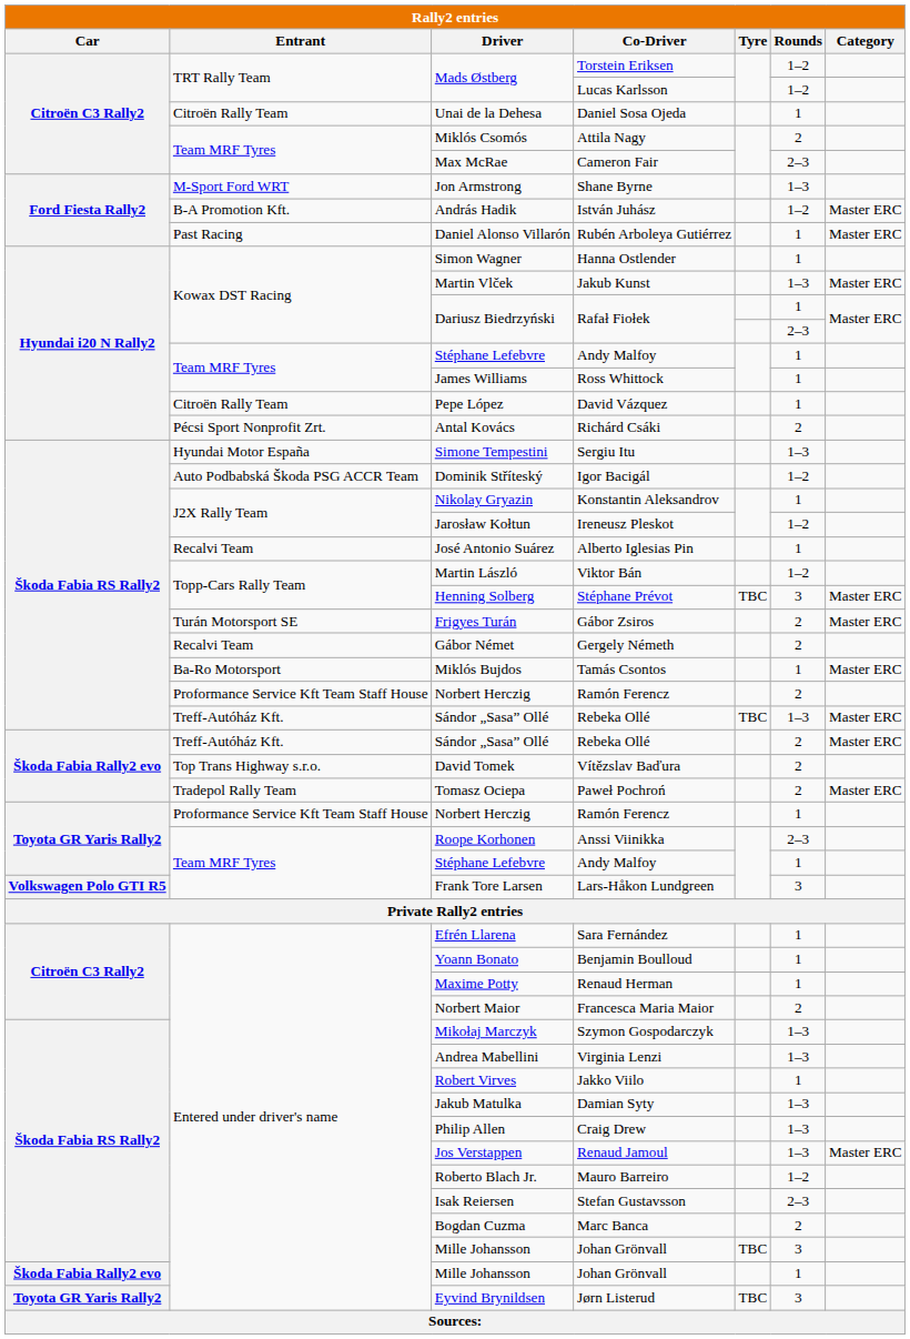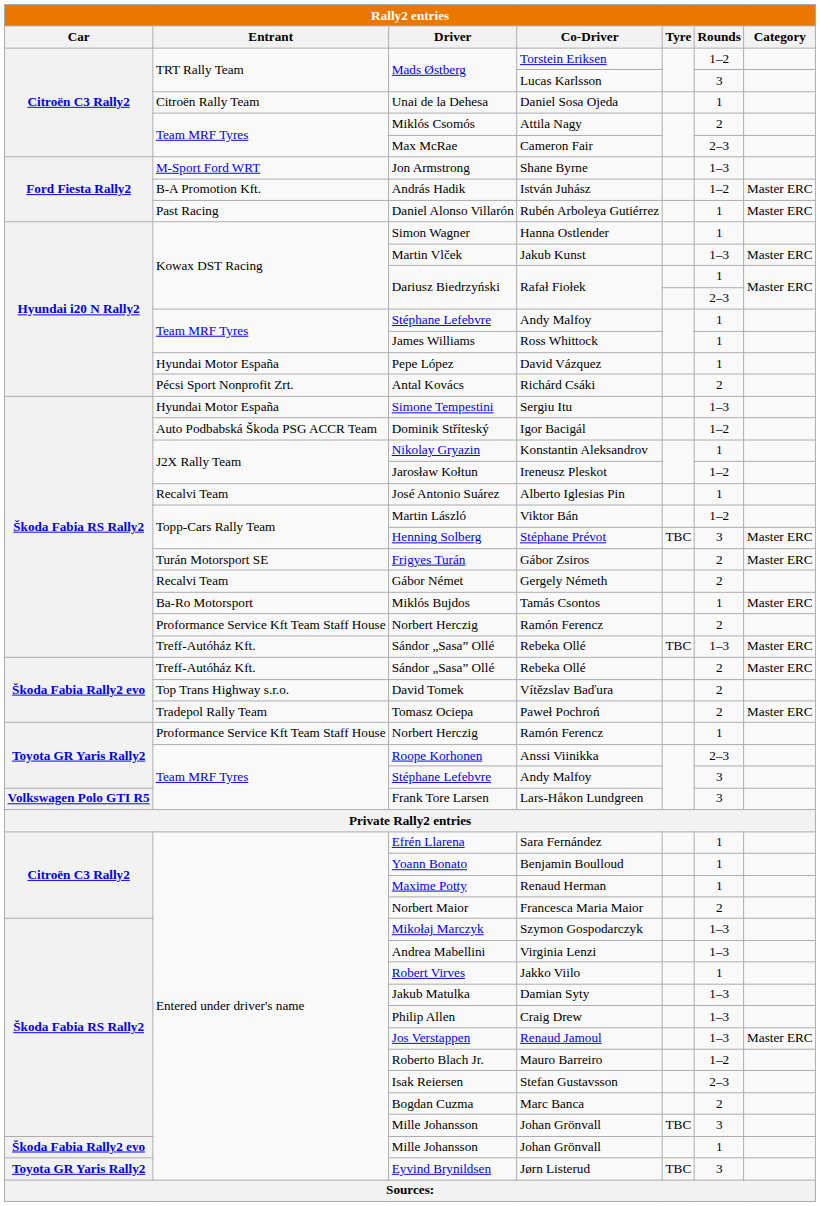 <table class="wikitable" style="font-size: 85%;">
 <tr>
 <th colspan="8" style="color:white; background-color:#eb7700;">Rally2 entries</th>
 </tr>
 <tr>
 <th>Car</th>
 <th>Entrant</th>
 <th>Driver</th>
 <th>Co-Driver</th>
 <th>Tyre</th>
 <th>Rounds</th>
 <th>Category</th>
 </tr>
 <tr>
 <th rowspan="5"><a href='#'>Citroën C3 Rally2</a></th>
 <td rowspan="2"> TRT Rally Team</td>
 <td rowspan="2"> <a href='#'>Mads Østberg</a></td>
 <td> <a href='#'>Torstein Eriksen</a></td>
 <td rowspan="2" align="center"></td>
 <td align="center">1–2</td>
 <td></td>
 </tr>
 <tr>
 <td> Lucas Karlsson</td>
-<td align="center">1–2</td>
+<td align="center">3</td>
 <td></td>
 </tr>
 <tr>
 <td> Citroën Rally Team</td>
 <td> Unai de la Dehesa</td>
 <td> Daniel Sosa Ojeda</td>
 <td align="center"></td>
 <td align="center">1</td>
 <td></td>
 </tr>
 <tr>
 <td rowspan="2"> <a href='#'>Team MRF Tyres</a></td>
 <td> Miklós Csomós</td>
 <td> Attila Nagy</td>
 <td rowspan="2" align="center"></td>
 <td align="center">2</td>
 <td></td>
 </tr>
 <tr>
 <td> Max McRae</td>
 <td> Cameron Fair</td>
 <td align="center">2–3</td>
 <td></td>
 </tr>
 <tr>
 <th rowspan="3"><a href='#'>Ford Fiesta Rally2</a></th>
 <td> <a href='#'>M-Sport Ford WRT</a></td>
 <td> Jon Armstrong</td>
 <td> Shane Byrne</td>
 <td align="center"></td>
 <td align="center">1–3</td>
 <td></td>
 </tr>
 <tr>
 <td> B-A Promotion Kft.</td>
 <td> András Hadik</td>
 <td> István Juhász</td>
 <td align="center"></td>
 <td align="center">1–2</td>
 <td>Master ERC</td>
 </tr>
 <tr>
 <td> Past Racing</td>
 <td> Daniel Alonso Villarón</td>
 <td> Rubén Arboleya Gutiérrez</td>
 <td align="center"></td>
 <td align="center">1</td>
 <td>Master ERC</td>
 </tr>
 <tr>
 <th rowspan="8"><a href='#'>Hyundai i20 N Rally2</a></th>
 <td rowspan="4"> Kowax DST Racing</td>
 <td> Simon Wagner</td>
 <td> Hanna Ostlender</td>
 <td align="center"></td>
 <td align="center">1</td>
 <td></td>
 </tr>
 <tr>
 <td> Martin Vlček</td>
 <td> Jakub Kunst</td>
 <td align="center"></td>
 <td align="center">1–3</td>
 <td>Master ERC</td>
 </tr>
 <tr>
 <td rowspan="2"> Dariusz Biedrzyński</td>
 <td rowspan="2"> Rafał Fiołek</td>
 <td align="center"></td>
 <td align="center">1</td>
 <td rowspan="2">Master ERC</td>
 </tr>
 <tr>
 <td align="center"></td>
 <td align="center">2–3</td>
 </tr>
 <tr>
 <td rowspan="2"> <a href='#'>Team MRF Tyres</a></td>
 <td> <a href='#'>Stéphane Lefebvre</a></td>
 <td> Andy Malfoy</td>
 <td rowspan="2" align="center"></td>
 <td align="center">1</td>
 <td></td>
 </tr>
 <tr>
 <td> James Williams</td>
 <td> Ross Whittock</td>
 <td align="center">1</td>
 <td></td>
 </tr>
 <tr>
-<td> Citroën Rally Team</td>
+<td> Hyundai Motor España</td>
 <td> Pepe López</td>
 <td> David Vázquez</td>
 <td align="center"></td>
 <td align="center">1</td>
 <td></td>
 </tr>
 <tr>
 <td> Pécsi Sport Nonprofit Zrt.</td>
 <td> Antal Kovács</td>
 <td> Richárd Csáki</td>
 <td align="center"></td>
 <td align="center">2</td>
 <td></td>
 </tr>
 <tr>
 <th rowspan="12"><a href='#'>Škoda Fabia RS Rally2</a></th>
 <td> Hyundai Motor España</td>
 <td> <a href='#'>Simone Tempestini</a></td>
 <td> Sergiu Itu</td>
 <td align="center"></td>
 <td align="center">1–3</td>
 <td></td>
 </tr>
 <tr>
 <td> Auto Podbabská Škoda PSG ACCR Team</td>
 <td> Dominik Stříteský</td>
 <td> Igor Bacigál</td>
 <td align="center"></td>
 <td align="center">1–2</td>
 <td></td>
 </tr>
 <tr>
 <td rowspan="2"> J2X Rally Team</td>
 <td> <a href='#'>Nikolay Gryazin</a></td>
 <td> Konstantin Aleksandrov</td>
 <td rowspan="2" align="center"></td>
 <td align="center">1</td>
 <td></td>
 </tr>
 <tr>
 <td> Jarosław Kołtun</td>
 <td> Ireneusz Pleskot</td>
 <td align="center">1–2</td>
 <td></td>
 </tr>
 <tr>
 <td> Recalvi Team</td>
 <td> José Antonio Suárez</td>
 <td> Alberto Iglesias Pin</td>
 <td align="center"></td>
 <td align="center">1</td>
 <td></td>
 </tr>
 <tr>
 <td rowspan="2"> Topp-Cars Rally Team</td>
 <td> Martin László</td>
 <td> Viktor Bán</td>
 <td align="center"></td>
 <td align="center">1–2</td>
 <td></td>
 </tr>
 <tr>
 <td> <a href='#'>Henning Solberg</a></td>
 <td> <a href='#'>Stéphane Prévot</a></td>
 <td align="center">TBC</td>
 <td align="center">3</td>
 <td>Master ERC</td>
 </tr>
 <tr>
 <td> Turán Motorsport SE</td>
 <td> <a href='#'>Frigyes Turán</a></td>
 <td> Gábor Zsiros</td>
 <td align="center"></td>
 <td align="center">2</td>
 <td>Master ERC</td>
 </tr>
 <tr>
 <td> Recalvi Team</td>
 <td> Gábor Német</td>
 <td> Gergely Németh</td>
 <td align="center"></td>
 <td align="center">2</td>
 <td></td>
 </tr>
 <tr>
 <td> Ba-Ro Motorsport</td>
 <td> Miklós Bujdos</td>
 <td> Tamás Csontos</td>
 <td align="center"></td>
 <td align="center">1</td>
 <td>Master ERC</td>
 </tr>
 <tr>
 <td> Proformance Service Kft Team Staff House</td>
 <td> Norbert Herczig</td>
 <td> Ramón Ferencz</td>
 <td align="center"></td>
 <td align="center">2</td>
 <td></td>
 </tr>
 <tr>
 <td> Treff-Autóház Kft.</td>
 <td> Sándor „Sasa” Ollé</td>
 <td> Rebeka Ollé</td>
 <td align="center">TBC</td>
 <td align="center">1–3</td>
 <td>Master ERC</td>
 </tr>
 <tr>
 <th rowspan="3"><a href='#'>Škoda Fabia Rally2 evo</a></th>
 <td> Treff-Autóház Kft.</td>
 <td> Sándor „Sasa” Ollé</td>
 <td> Rebeka Ollé</td>
 <td align="center"></td>
 <td align="center">2</td>
 <td>Master ERC</td>
 </tr>
 <tr>
 <td> Top Trans Highway s.r.o.</td>
 <td> David Tomek</td>
 <td> Vítězslav Baďura</td>
 <td align="center"></td>
 <td align="center">2</td>
 <td></td>
 </tr>
 <tr>
 <td> Tradepol Rally Team</td>
 <td> Tomasz Ociepa</td>
 <td> Paweł Pochroń</td>
 <td align="center"></td>
 <td align="center">2</td>
 <td>Master ERC</td>
 </tr>
 <tr>
 <th rowspan="3"><a href='#'>Toyota GR Yaris Rally2</a></th>
 <td> Proformance Service Kft Team Staff House</td>
 <td> Norbert Herczig</td>
 <td> Ramón Ferencz</td>
 <td align="center"></td>
 <td align="center">1</td>
 <td></td>
 </tr>
 <tr>
 <td rowspan="3"> <a href='#'>Team MRF Tyres</a></td>
 <td> <a href='#'>Roope Korhonen</a></td>
 <td> Anssi Viinikka</td>
 <td rowspan="3" align="center"></td>
 <td align="center">2–3</td>
 <td></td>
 </tr>
 <tr>
 <td> <a href='#'>Stéphane Lefebvre</a></td>
 <td> Andy Malfoy</td>
-<td align="center">1</td>
+<td align="center">3</td>
 <td></td>
 </tr>
 <tr>
 <th><a href='#'>Volkswagen Polo GTI R5</a></th>
 <td> Frank Tore Larsen</td>
 <td> Lars-Håkon Lundgreen</td>
 <td align="center">3</td>
 <td></td>
 </tr>
 <tr>
 <th colspan="7" style="color:black;">Private Rally2 entries</th>
 </tr>
 <tr>
 <th rowspan="4"><a href='#'>Citroën C3 Rally2</a></th>
 <td rowspan="16">Entered under driver's name</td>
 <td> <a href='#'>Efrén Llarena</a></td>
 <td> Sara Fernández</td>
 <td align="center"></td>
 <td align="center">1</td>
 <td></td>
 </tr>
 <tr>
 <td> <a href='#'>Yoann Bonato</a></td>
 <td> Benjamin Boulloud</td>
 <td align="center"></td>
 <td align="center">1</td>
 <td></td>
 </tr>
 <tr>
 <td> <a href='#'>Maxime Potty</a></td>
 <td> Renaud Herman</td>
 <td align="center"></td>
 <td align="center">1</td>
 <td></td>
 </tr>
 <tr>
 <td> Norbert Maior</td>
 <td> Francesca Maria Maior</td>
 <td align="center"></td>
 <td align="center">2</td>
 <td></td>
 </tr>
 <tr>
 <th rowspan="10"><a href='#'>Škoda Fabia RS Rally2</a></th>
 <td> <a href='#'>Mikołaj Marczyk</a></td>
 <td> Szymon Gospodarczyk</td>
 <td align="center"></td>
 <td align="center">1–3</td>
 <td></td>
 </tr>
 <tr>
 <td> Andrea Mabellini</td>
 <td> Virginia Lenzi</td>
 <td align="center"></td>
 <td align="center">1–3</td>
 <td></td>
 </tr>
 <tr>
 <td> <a href='#'>Robert Virves</a></td>
 <td> Jakko Viilo</td>
 <td align="center"></td>
 <td align="center">1</td>
 <td></td>
 </tr>
 <tr>
 <td> Jakub Matulka</td>
 <td> Damian Syty</td>
 <td align="center"></td>
 <td align="center">1–3</td>
 <td></td>
 </tr>
 <tr>
 <td> Philip Allen</td>
 <td> Craig Drew</td>
 <td align="center"></td>
 <td align="center">1–3</td>
 <td></td>
 </tr>
 <tr>
 <td> <a href='#'>Jos Verstappen</a></td>
 <td> <a href='#'>Renaud Jamoul</a></td>
 <td align="center"></td>
 <td align="center">1–3</td>
 <td>Master ERC</td>
 </tr>
 <tr>
 <td> Roberto Blach Jr.</td>
 <td> Mauro Barreiro</td>
 <td align="center"></td>
 <td align="center">1–2</td>
 <td></td>
 </tr>
 <tr>
 <td> Isak Reiersen</td>
 <td> Stefan Gustavsson</td>
 <td align="center"></td>
 <td align="center">2–3</td>
 <td></td>
 </tr>
 <tr>
 <td> Bogdan Cuzma</td>
 <td> Marc Banca</td>
 <td align="center"></td>
 <td align="center">2</td>
 <td></td>
 </tr>
 <tr>
 <td> Mille Johansson</td>
 <td> Johan Grönvall</td>
 <td align="center">TBC</td>
 <td align="center">3</td>
 <td></td>
 </tr>
 <tr>
 <th><a href='#'>Škoda Fabia Rally2 evo</a></th>
 <td> Mille Johansson</td>
 <td> Johan Grönvall</td>
 <td align="center"></td>
 <td align="center">1</td>
 <td></td>
 </tr>
 <tr>
 <th><a href='#'>Toyota GR Yaris Rally2</a></th>
 <td> <a href='#'>Eyvind Brynildsen</a></td>
 <td> Jørn Listerud</td>
 <td align="center">TBC</td>
 <td align="center">3</td>
 <td></td>
 </tr>
 <tr>
 <th colspan="8" style="color:black;">Sources:</th>
 </tr>
 </table>
